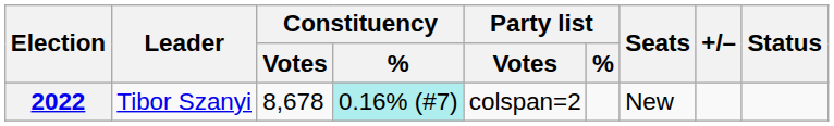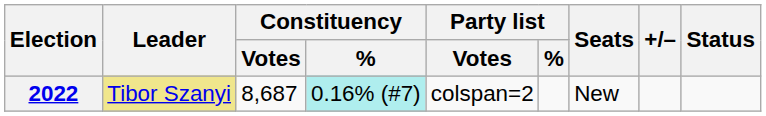 <table class="wikitable">
 <tr>
 <th rowspan=2>Election</th>
 <th rowspan=2>Leader</th>
 <th colspan=2>Constituency</th>
 <th colspan=2>Party list</th>
 <th rowspan=2>Seats</th>
 <th rowspan=2>+/–</th>
 <th rowspan=2>Status</th>
 </tr>
 <tr>
 <th>Votes</th>
 <th>%</th>
 <th>Votes</th>
 <th>%</th>
 </tr>
 <tr>
 <th><a href='#'>2022</a></th>
-<td><a href='#'>Tibor Szanyi</a></td>
-<td>8,678</td>
+<td style="background: khaki;"><a href='#'>Tibor Szanyi</a></td>
+<td>8,687</td>
 <td style="background: paleturquoise;">0.16% (#7)</td>
 <td>colspan=2 </td>
 <td></td>
 <td>New</td>
 <td></td>
 </tr>
 </table>
